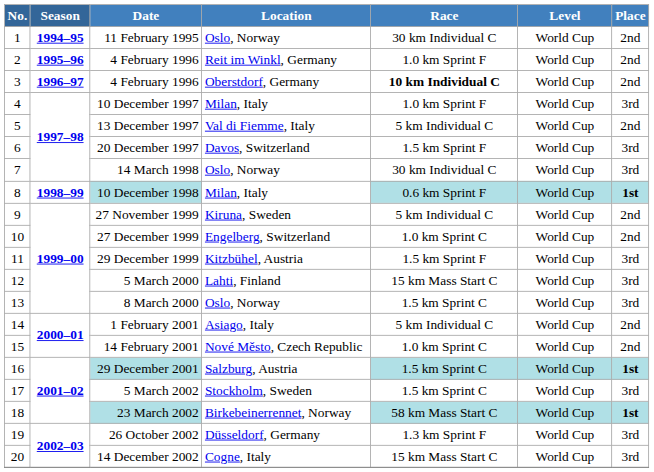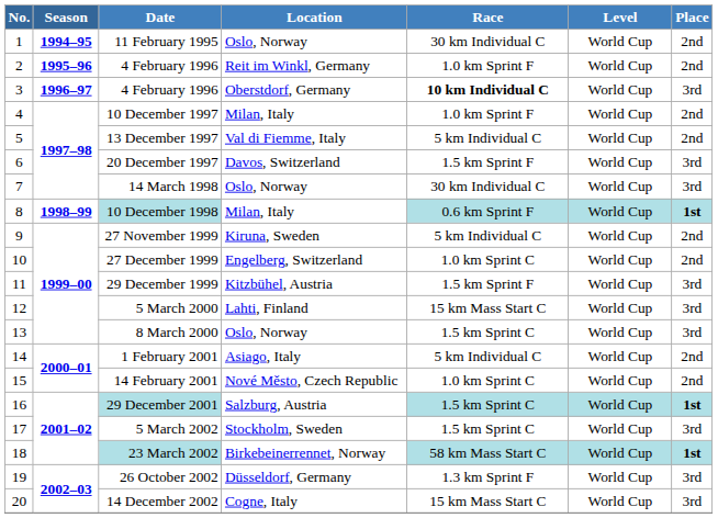 <table class="wikitable sortable" style="font-size:95%; text-align:center; border:grey solid 1px; border-collapse:collapse; background:#ffffff;">
 <tr style="background:#efefef;">
 <th style="background-color:#369; color:white;">No.</th>
 <th style="background-color:#369; color:white;">Season</th>
 <th style="background-color:#4180be; color:white; width:120px;">Date</th>
 <th style="background-color:#4180be; color:white; width:185px;">Location</th>
 <th style="background-color:#4180be; color:white; width:160px;">Race</th>
 <th style="background-color:#4180be; color:white; width:100px;">Level</th>
 <th style="background-color:#4180be; color:white;">Place</th>
 </tr>
 <tr>
 <td align=center>1</td>
 <td rowspan=1 align=center><strong> <a href='#'>1994–95</a> </strong></td>
 <td align=right>11 February 1995</td>
 <td align=left> <a href='#'>Oslo</a>, Norway</td>
 <td>30 km Individual C</td>
 <td>World Cup</td>
 <td>2nd</td>
 </tr>
 <tr>
 <td align=center>2</td>
 <td rowspan=1 align=center><strong> <a href='#'>1995–96</a> </strong></td>
 <td align=right>4 February 1996</td>
 <td align=left> <a href='#'>Reit im Winkl</a>, Germany</td>
 <td>1.0 km Sprint F</td>
 <td>World Cup</td>
 <td>2nd</td>
 </tr>
 <tr>
 <td align=center>3</td>
 <td rowspan=1 align=center><strong> <a href='#'>1996–97</a> </strong></td>
 <td align=right>4 February 1996</td>
 <td align=left> <a href='#'>Oberstdorf</a>, Germany</td>
 <td><strong>10 km Individual C</strong></td>
 <td>World Cup</td>
-<td>2nd</td>
+<td>3rd</td>
 </tr>
 <tr>
 <td align=center>4</td>
 <td rowspan=4 align=center><strong> <a href='#'>1997–98</a> </strong></td>
 <td align=right>10 December 1997</td>
 <td align=left> <a href='#'>Milan</a>, Italy</td>
 <td>1.0 km Sprint F</td>
 <td>World Cup</td>
-<td>3rd</td>
+<td>2nd</td>
 </tr>
 <tr>
 <td align=center>5</td>
 <td align=right>13 December 1997</td>
 <td align=left> <a href='#'>Val di Fiemme</a>, Italy</td>
 <td>5 km Individual C</td>
 <td>World Cup</td>
 <td>2nd</td>
 </tr>
 <tr>
 <td align=center>6</td>
 <td align=right>20 December 1997</td>
 <td align=left> <a href='#'>Davos</a>, Switzerland</td>
 <td>1.5 km Sprint F</td>
 <td>World Cup</td>
 <td>3rd</td>
 </tr>
 <tr>
 <td align=center>7</td>
 <td align=right>14 March 1998</td>
 <td align=left> <a href='#'>Oslo</a>, Norway</td>
 <td>30 km Individual C</td>
 <td>World Cup</td>
 <td>3rd</td>
 </tr>
 <tr>
 <td align=center>8</td>
 <td rowspan=1 align=center><strong><a href='#'>1998–99</a></strong></td>
 <td bgcolor="#BOEOE6" align=right>10 December 1998</td>
 <td align=left> <a href='#'>Milan</a>, Italy</td>
 <td bgcolor="#BOEOE6">0.6 km Sprint F</td>
 <td bgcolor="#BOEOE6">World Cup</td>
 <td bgcolor="#BOEOE6"><strong>1st</strong></td>
 </tr>
 <tr>
 <td align=center>9</td>
 <td rowspan=5 align=center><strong> <a href='#'>1999–00</a> </strong></td>
 <td align=right>27 November 1999</td>
 <td align=left> <a href='#'>Kiruna</a>, Sweden</td>
 <td>5 km Individual C</td>
 <td>World Cup</td>
 <td>2nd</td>
 </tr>
 <tr>
 <td align=center>10</td>
 <td align=right>27 December 1999</td>
 <td align=left> <a href='#'>Engelberg</a>, Switzerland</td>
 <td>1.0 km Sprint C</td>
 <td>World Cup</td>
 <td>2nd</td>
 </tr>
 <tr>
 <td align=center>11</td>
 <td align=right>29 December 1999</td>
 <td align=left> <a href='#'>Kitzbühel</a>, Austria</td>
 <td>1.5 km Sprint F</td>
 <td>World Cup</td>
 <td>3rd</td>
 </tr>
 <tr>
 <td align=center>12</td>
 <td align=right>5 March 2000</td>
 <td align=left> <a href='#'>Lahti</a>, Finland</td>
 <td>15 km Mass Start C</td>
 <td>World Cup</td>
 <td>3rd</td>
 </tr>
 <tr>
 <td align=center>13</td>
 <td align=right>8 March 2000</td>
 <td align=left> <a href='#'>Oslo</a>, Norway</td>
 <td>1.5 km Sprint C</td>
 <td>World Cup</td>
 <td>3rd</td>
 </tr>
 <tr>
 <td align=center>14</td>
 <td rowspan=2 align=center><strong> <a href='#'>2000–01</a> </strong></td>
 <td align=right>1 February 2001</td>
 <td align=left> <a href='#'>Asiago</a>, Italy</td>
 <td>5 km Individual C</td>
 <td>World Cup</td>
 <td>2nd</td>
 </tr>
 <tr>
 <td align=center>15</td>
 <td align=right>14 February 2001</td>
 <td align=left> <a href='#'>Nové Město</a>, Czech Republic</td>
 <td>1.0 km Sprint C</td>
 <td>World Cup</td>
 <td>2nd</td>
 </tr>
 <tr>
 <td align=center>16</td>
 <td rowspan=3 align=center><strong><a href='#'>2001–02</a></strong></td>
 <td bgcolor="#BOEOE6" align=right>29 December 2001</td>
 <td align=left> <a href='#'>Salzburg</a>, Austria</td>
 <td bgcolor="#BOEOE6">1.5 km Sprint C</td>
 <td bgcolor="#BOEOE6">World Cup</td>
 <td bgcolor="#BOEOE6"><strong>1st</strong></td>
 </tr>
 <tr>
 <td align=center>17</td>
 <td align=right>5 March 2002</td>
 <td align=left> <a href='#'>Stockholm</a>, Sweden</td>
 <td>1.5 km Sprint C</td>
 <td>World Cup</td>
 <td>3rd</td>
 </tr>
 <tr>
 <td align=center>18</td>
 <td bgcolor="#BOEOE6" align=right>23 March 2002</td>
 <td align=left> <a href='#'>Birkebeinerrennet</a>, Norway</td>
 <td bgcolor="#BOEOE6">58 km Mass Start C</td>
 <td bgcolor="#BOEOE6">World Cup</td>
 <td bgcolor="#BOEOE6"><strong>1st</strong></td>
 </tr>
 <tr>
 <td align=center>19</td>
 <td rowspan=2 align=center><strong> <a href='#'>2002–03</a> </strong></td>
 <td align=right>26 October 2002</td>
 <td align=left> <a href='#'>Düsseldorf</a>, Germany</td>
 <td>1.3 km Sprint F</td>
 <td>World Cup</td>
 <td>3rd</td>
 </tr>
 <tr>
 <td align=center>20</td>
 <td align=right>14 December 2002</td>
 <td align=left> <a href='#'>Cogne</a>, Italy</td>
 <td>15 km Mass Start C</td>
 <td>World Cup</td>
 <td>3rd</td>
 </tr>
 <tr>
 </tr>
 </table>
